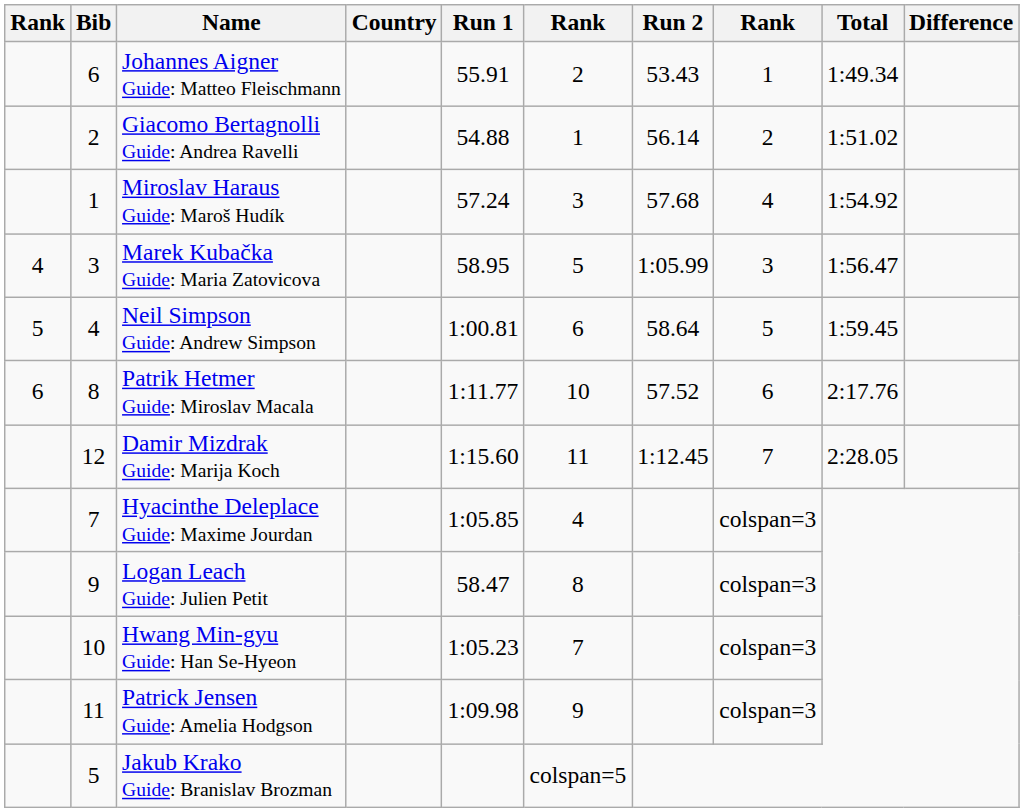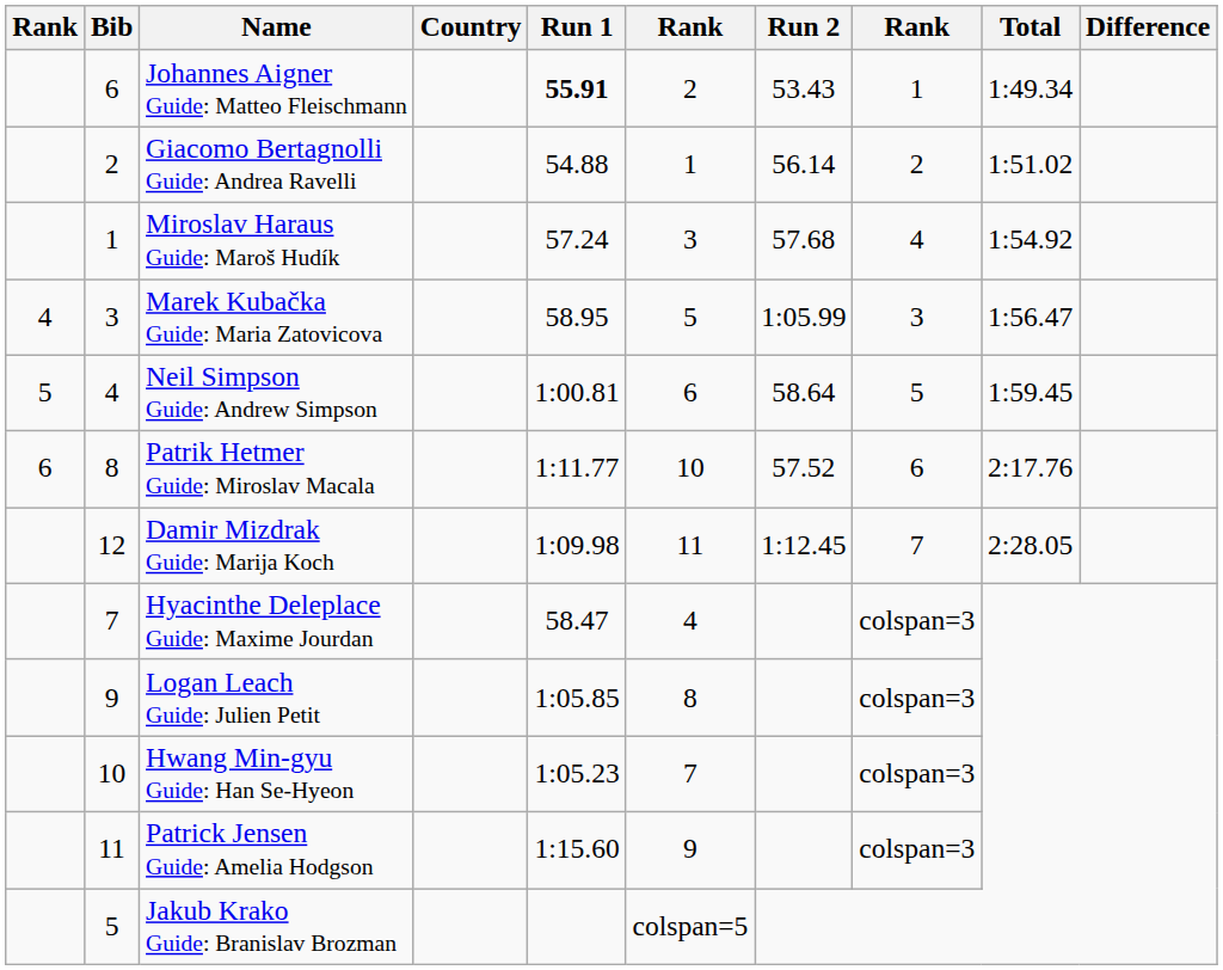 <table class="wikitable sortable" style="text-align:center">
 <tr>
 <th>Rank</th>
 <th>Bib</th>
 <th>Name</th>
 <th>Country</th>
 <th>Run 1</th>
 <th>Rank</th>
 <th>Run 2</th>
 <th>Rank</th>
 <th>Total</th>
 <th>Difference</th>
 </tr>
 <tr>
 <td></td>
 <td>6</td>
 <td align="left"><a href='#'>Johannes Aigner</a><br><small><a href='#'>Guide</a>: Matteo Fleischmann</small></td>
 <td align="left"></td>
-<td>55.91</td>
+<td><strong>55.91</strong></td>
 <td>2</td>
 <td>53.43</td>
 <td>1</td>
 <td>1:49.34</td>
 <td></td>
 </tr>
 <tr>
 <td></td>
 <td>2</td>
 <td align="left"><a href='#'>Giacomo Bertagnolli</a><br><small><a href='#'>Guide</a>: Andrea Ravelli</small></td>
 <td align="left"></td>
 <td>54.88</td>
 <td>1</td>
 <td>56.14</td>
 <td>2</td>
 <td>1:51.02</td>
 <td></td>
 </tr>
 <tr>
 <td></td>
 <td>1</td>
 <td align="left"><a href='#'>Miroslav Haraus</a><br><small><a href='#'>Guide</a>: Maroš Hudík</small></td>
 <td align="left"></td>
 <td>57.24</td>
 <td>3</td>
 <td>57.68</td>
 <td>4</td>
 <td>1:54.92</td>
 <td></td>
 </tr>
 <tr>
 <td>4</td>
 <td>3</td>
 <td align="left"><a href='#'>Marek Kubačka</a><br><small><a href='#'>Guide</a>: Maria Zatovicova</small></td>
 <td align="left"></td>
 <td>58.95</td>
 <td>5</td>
 <td>1:05.99</td>
 <td>3</td>
 <td>1:56.47</td>
 <td></td>
 </tr>
 <tr>
 <td>5</td>
 <td>4</td>
 <td align="left"><a href='#'>Neil Simpson</a><br><small><a href='#'>Guide</a>: Andrew Simpson</small></td>
 <td align="left"></td>
 <td>1:00.81</td>
 <td>6</td>
 <td>58.64</td>
 <td>5</td>
 <td>1:59.45</td>
 <td></td>
 </tr>
 <tr>
 <td>6</td>
 <td>8</td>
 <td align="left"><a href='#'>Patrik Hetmer</a><br><small><a href='#'>Guide</a>: Miroslav Macala</small></td>
 <td align="left"></td>
 <td>1:11.77</td>
 <td>10</td>
 <td>57.52</td>
 <td>6</td>
 <td>2:17.76</td>
 <td></td>
 </tr>
 <tr>
 <td></td>
 <td>12</td>
 <td align="left"><a href='#'>Damir Mizdrak</a><br><small><a href='#'>Guide</a>: Marija Koch</small></td>
 <td align="left"></td>
-<td>1:15.60</td>
+<td>1:09.98</td>
 <td>11</td>
 <td>1:12.45</td>
 <td>7</td>
 <td>2:28.05</td>
 <td></td>
 </tr>
 <tr>
 <td></td>
 <td>7</td>
 <td align="left"><a href='#'>Hyacinthe Deleplace</a><br><small><a href='#'>Guide</a>: Maxime Jourdan</small></td>
 <td align="left"></td>
-<td>1:05.85</td>
+<td>58.47</td>
 <td>4</td>
 <td></td>
 <td>colspan=3 </td>
 </tr>
 <tr>
 <td></td>
 <td>9</td>
 <td align="left"><a href='#'>Logan Leach</a><br><small><a href='#'>Guide</a>: Julien Petit</small></td>
 <td align="left"></td>
-<td>58.47</td>
+<td>1:05.85</td>
 <td>8</td>
 <td></td>
 <td>colspan=3 </td>
 </tr>
 <tr>
 <td></td>
 <td>10</td>
 <td align="left"><a href='#'>Hwang Min-gyu</a><br><small><a href='#'>Guide</a>: Han Se-Hyeon</small></td>
 <td align="left"></td>
 <td>1:05.23</td>
 <td>7</td>
 <td></td>
 <td>colspan=3 </td>
 </tr>
 <tr>
 <td></td>
 <td>11</td>
 <td align="left"><a href='#'>Patrick Jensen</a><br><small><a href='#'>Guide</a>: Amelia Hodgson</small></td>
 <td align="left"></td>
-<td>1:09.98</td>
+<td>1:15.60</td>
 <td>9</td>
 <td></td>
 <td>colspan=3 </td>
 </tr>
 <tr>
 <td></td>
 <td>5</td>
 <td align="left"><a href='#'>Jakub Krako</a><br><small><a href='#'>Guide</a>: Branislav Brozman</small></td>
 <td align="left"></td>
 <td></td>
 <td>colspan=5 </td>
 </tr>
 </table>
